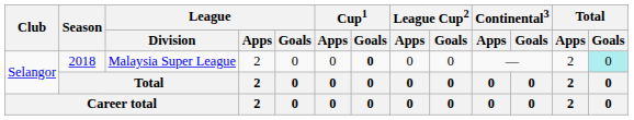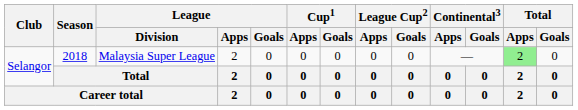 <table class="wikitable" style="text-align:center;">
 <tr>
 <th rowspan="2">Club</th>
 <th rowspan="2">Season</th>
 <th colspan="3">League</th>
 <th colspan="2">Cup<sup>1</sup></th>
 <th colspan="2">League Cup<sup>2</sup></th>
 <th colspan=2>Continental<sup>3</sup></th>
 <th colspan=2>Total</th>
 </tr>
 <tr>
 <th>Division</th>
 <th>Apps</th>
 <th>Goals</th>
 <th>Apps</th>
 <th>Goals</th>
 <th>Apps</th>
 <th>Goals</th>
 <th>Apps</th>
 <th>Goals</th>
 <th>Apps</th>
 <th>Goals</th>
 </tr>
 <tr>
 <td rowspan="2"><a href='#'>Selangor</a></td>
 <td><a href='#'>2018</a></td>
 <td><a href='#'>Malaysia Super League</a></td>
 <td>2</td>
 <td>0</td>
 <td>0</td>
-<td><strong>0</strong></td>
+<td>0</td>
 <td>0</td>
 <td>0</td>
 <td colspan=2>—</td>
-<td>2</td>
-<td style="background: paleturquoise;">0</td>
+<td style="background: lightgreen;">2</td>
+<td>0</td>
 </tr>
 <tr>
 <th colspan=2>Total</th>
 <th>2</th>
 <th>0</th>
 <th>0</th>
 <th>0</th>
 <th>0</th>
 <th>0</th>
 <th>0</th>
 <th>0</th>
 <th>2</th>
 <th>0</th>
 </tr>
 <tr>
 <th colspan="3">Career total</th>
 <th>2</th>
 <th>0</th>
 <th>0</th>
 <th>0</th>
 <th>0</th>
 <th>0</th>
 <th>0</th>
 <th>0</th>
 <th>2</th>
 <th>0</th>
 </tr>
 </table>
